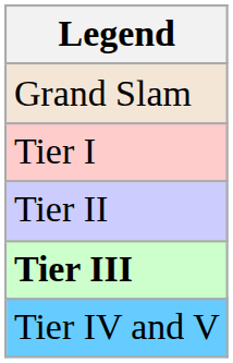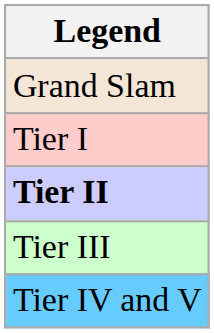 <table class="wikitable sortable mw-collapsible mw-collapsed">
 <tr>
 <th>Legend</th>
 </tr>
 <tr style="background:#f3e6d7;">
 <td>Grand Slam</td>
 </tr>
 <tr style="background:#fcc;">
 <td>Tier I</td>
 </tr>
 <tr style="background:#ccf;">
-<td>Tier II</td>
+<td><strong>Tier II</strong></td>
 </tr>
 <tr style="background:#cfc;">
-<td><strong>Tier III</strong></td>
+<td>Tier III</td>
 </tr>
 <tr style="background:#6cf;">
 <td>Tier IV and V</td>
 </tr>
 </table>
